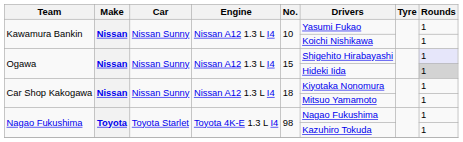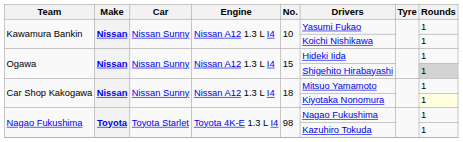 <table class="wikitable" style="font-size: 90%;">
 <tr>
 <th>Team</th>
 <th>Make</th>
 <th>Car</th>
 <th>Engine</th>
 <th>No.</th>
 <th>Drivers</th>
 <th>Tyre</th>
 <th>Rounds</th>
 </tr>
 <tr>
 <td rowspan=2>Kawamura Bankin</td>
 <th rowspan=2><a href='#'>Nissan</a></th>
 <td rowspan=2><a href='#'>Nissan Sunny</a></td>
 <td rowspan=2><a href='#'>Nissan A12</a> 1.3 L <a href='#'>I4</a></td>
 <td rowspan=2>10</td>
 <td> <a href='#'>Yasumi Fukao</a></td>
 <td align=center rowspan=2></td>
 <td>1</td>
 </tr>
 <tr>
 <td> <a href='#'>Koichi Nishikawa</a></td>
 <td>1</td>
 </tr>
 <tr>
 <td rowspan=2>Ogawa</td>
 <th rowspan=2><a href='#'>Nissan</a></th>
 <td rowspan=2><a href='#'>Nissan Sunny</a></td>
 <td rowspan=2><a href='#'>Nissan A12</a> 1.3 L <a href='#'>I4</a></td>
 <td rowspan=2>15</td>
-<td> <a href='#'>Shigehito Hirabayashi</a></td>
+<td> <a href='#'>Hideki Iida</a></td>
 <td align=center rowspan=2></td>
-<td style="background: lavender;">1</td>
+<td>1</td>
 </tr>
 <tr>
-<td> <a href='#'>Hideki Iida</a></td>
+<td> <a href='#'>Shigehito Hirabayashi</a></td>
 <td style="background: lightgrey;">1</td>
 </tr>
 <tr>
 <td rowspan=2>Car Shop Kakogawa</td>
 <th rowspan=2><a href='#'>Nissan</a></th>
 <td rowspan=2><a href='#'>Nissan Sunny</a></td>
 <td rowspan=2><a href='#'>Nissan A12</a> 1.3 L <a href='#'>I4</a></td>
 <td rowspan=2>18</td>
-<td> <a href='#'>Kiyotaka Nonomura</a></td>
+<td> <a href='#'>Mitsuo Yamamoto</a></td>
 <td align=center rowspan=2></td>
 <td>1</td>
 </tr>
 <tr>
-<td> <a href='#'>Mitsuo Yamamoto</a></td>
-<td>1</td>
+<td> <a href='#'>Kiyotaka Nonomura</a></td>
+<td style="background: lightyellow;">1</td>
 </tr>
 <tr>
 <td rowspan=2><a href='#'>Nagao Fukushima</a></td>
 <th rowspan=2><a href='#'>Toyota</a></th>
 <td rowspan=2><a href='#'>Toyota Starlet</a></td>
 <td rowspan=2><a href='#'>Toyota 4K-E</a> 1.3 L <a href='#'>I4</a></td>
 <td rowspan=2>98</td>
 <td> <a href='#'>Nagao Fukushima</a></td>
 <td align=center rowspan=2></td>
 <td>1</td>
 </tr>
 <tr>
 <td> <a href='#'>Kazuhiro Tokuda</a></td>
 <td>1</td>
 </tr>
 <tr>
 </tr>
 </table>
